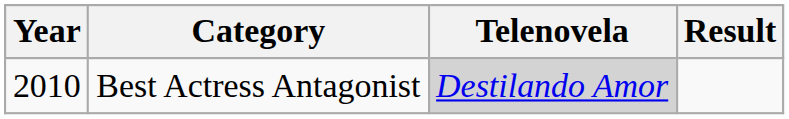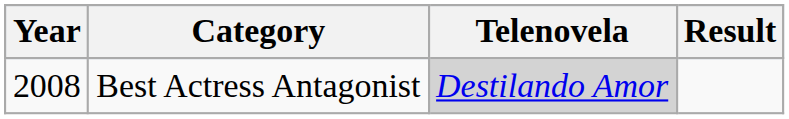 <table class="wikitable">
 <tr style="background:#b0c4de;">
 <th>Year</th>
 <th>Category</th>
 <th>Telenovela</th>
 <th>Result</th>
 </tr>
 <tr>
-<td>2010</td>
+<td>2008</td>
 <td>Best Actress Antagonist</td>
 <td style="background: lightgrey;"><em><a href='#'>Destilando Amor</a></em></td>
 <td></td>
 </tr>
 </table>
